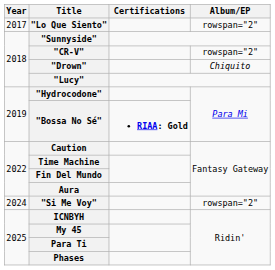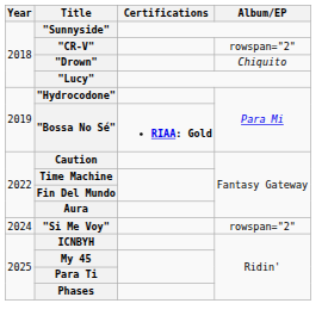 <table class="wikitable plainrowheaders" style="text-align:center;">
 <tr>
 <th scope="col">Year</th>
 <th scope="col">Title</th>
 <th scope="col">Certifications</th>
 <th scope="col">Album/EP</th>
-</tr>
-<tr>
-<td>2017</td>
-<th scope="row">"Lo Que Siento"</th>
-<td></td>
-<td>rowspan="2" </td>
 </tr>
 <tr>
 <td rowspan="4">2018</td>
 <th scope="row">"Sunnyside"</th>
 </tr>
 <tr>
 <th scope="row">"CR-V"</th>
 <td></td>
 <td>rowspan="2" </td>
 </tr>
 <tr>
 <th scope="row">"Drown"<br></th>
 <td></td>
 <td><em>Chiquito</em></td>
 </tr>
 <tr>
 <th scope="row">"Lucy"<br></th>
 </tr>
 <tr>
 <td rowspan="2">2019</td>
 <th scope="row">"Hydrocodone"</th>
 <td></td>
 <td rowspan="2"><em><a href='#'>Para Mi</a></em></td>
 </tr>
 <tr>
 <th scope="row">"Bossa No Sé"<br></th>
 <td><strong><br><ul><li><a href='#'>RIAA</a>: Gold</li></ul></strong></td>
 </tr>
 <tr>
 <td rowspan="4">2022</td>
 <th scope="row">Caution</th>
 <td></td>
 <td rowspan="4">Fantasy Gateway</td>
 </tr>
 <tr>
 <th scope="row">Time Machine</th>
 </tr>
 <tr>
 <th scope="row">Fin Del Mundo<br></th>
 </tr>
 <tr>
 <th scope="row">Aura</th>
 <td></td>
 </tr>
 <tr>
 <td>2024</td>
 <th scope="row">"Si Me Voy"<br></th>
 <td></td>
 <td>rowspan="2" </td>
 </tr>
 <tr>
 <td rowspan="4">2025</td>
 <th scope="row">ICNBYH</th>
 <td></td>
 <td rowspan="4">Ridin'</td>
 </tr>
 <tr>
 <th scope="row">My 45<br></th>
 </tr>
 <tr>
 <th scope="row">Para Ti</th>
 </tr>
 <tr>
 <th scope="row">Phases</th>
 <td></td>
 </tr>
 </table>
